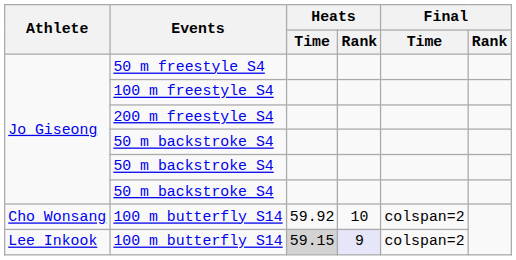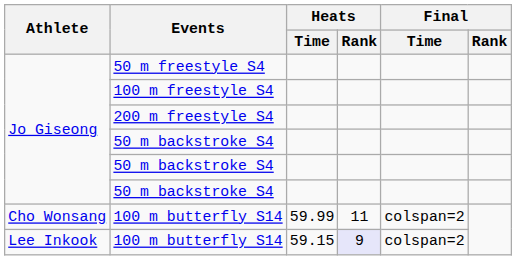 <table class=wikitable style="font-size:90%">
 <tr>
 <th rowspan="2">Athlete</th>
 <th rowspan="2">Events</th>
 <th colspan="2">Heats</th>
 <th colspan="2">Final</th>
 </tr>
 <tr>
 <th>Time</th>
 <th>Rank</th>
 <th>Time</th>
 <th>Rank</th>
 </tr>
 <tr align=center>
 <td align=left rowspan=6><a href='#'>Jo Giseong</a></td>
 <td align=left><a href='#'>50 m freestyle S4</a></td>
 <td></td>
 <td></td>
 <td></td>
 <td></td>
 </tr>
 <tr align=center>
 <td align=left><a href='#'>100 m freestyle S4</a></td>
 <td></td>
 <td></td>
 <td></td>
 <td></td>
 </tr>
 <tr align=center>
 <td align=left><a href='#'>200 m freestyle S4</a></td>
 <td></td>
 <td></td>
 <td></td>
 <td></td>
 </tr>
 <tr align=center>
 <td align=left><a href='#'>50 m backstroke S4</a></td>
 <td></td>
 <td></td>
 <td></td>
 <td></td>
 </tr>
 <tr align=center>
 <td align=left><a href='#'>50 m backstroke S4</a></td>
 <td></td>
 <td></td>
 <td></td>
 <td></td>
 </tr>
 <tr align=center>
 <td align=left><a href='#'>50 m backstroke S4</a></td>
 <td></td>
 <td></td>
 <td></td>
 <td></td>
 </tr>
 <tr align=center>
 <td align=left><a href='#'>Cho Wonsang</a></td>
 <td align=left><a href='#'>100 m butterfly S14</a></td>
-<td>59.92</td>
-<td>10</td>
+<td>59.99</td>
+<td>11</td>
 <td>colspan=2 </td>
 </tr>
 <tr align=center>
 <td align=left><a href='#'>Lee Inkook</a></td>
 <td align=left><a href='#'>100 m butterfly S14</a></td>
-<td style="background: lightgrey;">59.15</td>
+<td>59.15</td>
 <td style="background: lavender;">9</td>
 <td>colspan=2 </td>
 </tr>
 </table>
